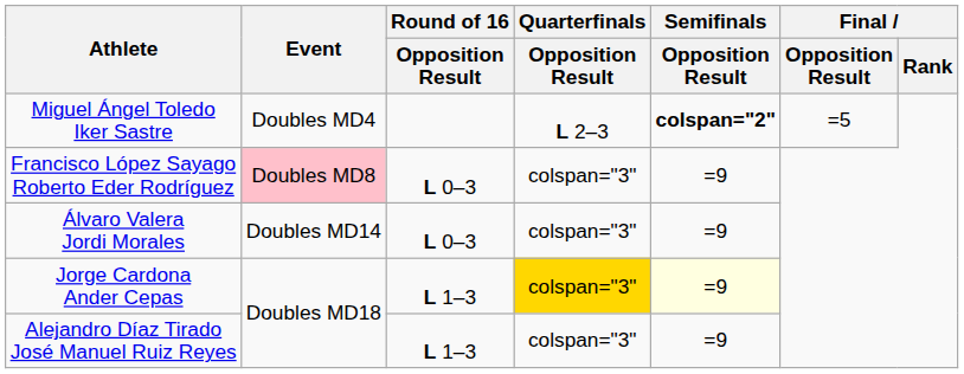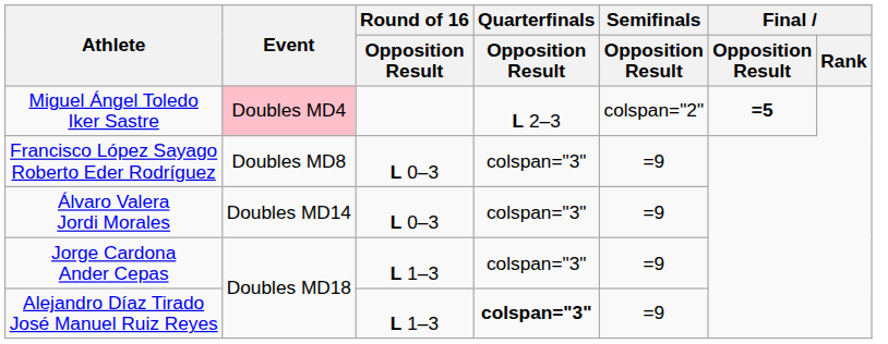 <table class=wikitable style="font-size:90%">
 <tr align=center>
 <th rowspan="2">Athlete</th>
 <th rowspan="2">Event</th>
 <th>Round of 16</th>
 <th>Quarterfinals</th>
 <th>Semifinals</th>
 <th colspan="2">Final / </th>
 </tr>
 <tr>
 <th>Opposition<br>Result</th>
 <th>Opposition<br>Result</th>
 <th>Opposition<br>Result</th>
 <th>Opposition<br>Result</th>
 <th>Rank</th>
 </tr>
 <tr align=center |>
 <td><a href='#'>Miguel Ángel Toledo</a><br><a href='#'>Iker Sastre</a></td>
-<td>Doubles MD4</td>
+<td style="background: pink;">Doubles MD4</td>
 <td></td>
 <td><br><strong>L</strong> 2–3</td>
-<td><strong>colspan="2" </strong></td>
-<td>=5</td>
+<td>colspan="2" </td>
+<td><strong>=5</strong></td>
 </tr>
 <tr align=center |>
 <td><a href='#'>Francisco López Sayago</a><br><a href='#'>Roberto Eder Rodríguez</a></td>
-<td style="background: pink;">Doubles MD8</td>
+<td>Doubles MD8</td>
 <td><br><strong>L</strong> 0–3</td>
 <td>colspan="3" </td>
 <td>=9</td>
 </tr>
 <tr align=center |>
 <td><a href='#'>Álvaro Valera</a><br><a href='#'>Jordi Morales</a></td>
 <td>Doubles MD14</td>
 <td><br><strong>L</strong> 0–3</td>
 <td>colspan="3" </td>
 <td>=9</td>
 </tr>
 <tr align=center |>
 <td><a href='#'>Jorge Cardona</a><br><a href='#'>Ander Cepas</a></td>
 <td rowspan="2">Doubles MD18</td>
 <td><br><strong>L</strong> 1–3</td>
-<td style="background: gold;">colspan="3" </td>
-<td style="background: lightyellow;">=9</td>
+<td>colspan="3" </td>
+<td>=9</td>
 </tr>
 <tr align=center |>
 <td><a href='#'>Alejandro Díaz Tirado</a><br><a href='#'>José Manuel Ruiz Reyes</a></td>
 <td><br><strong>L</strong> 1–3</td>
-<td>colspan="3" </td>
+<td><strong>colspan="3" </strong></td>
 <td>=9</td>
 </tr>
 </table>
